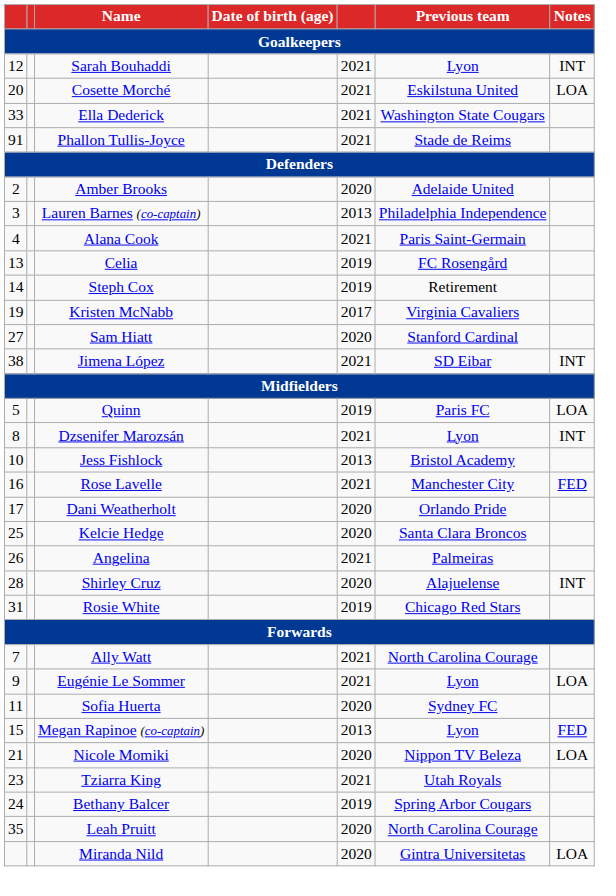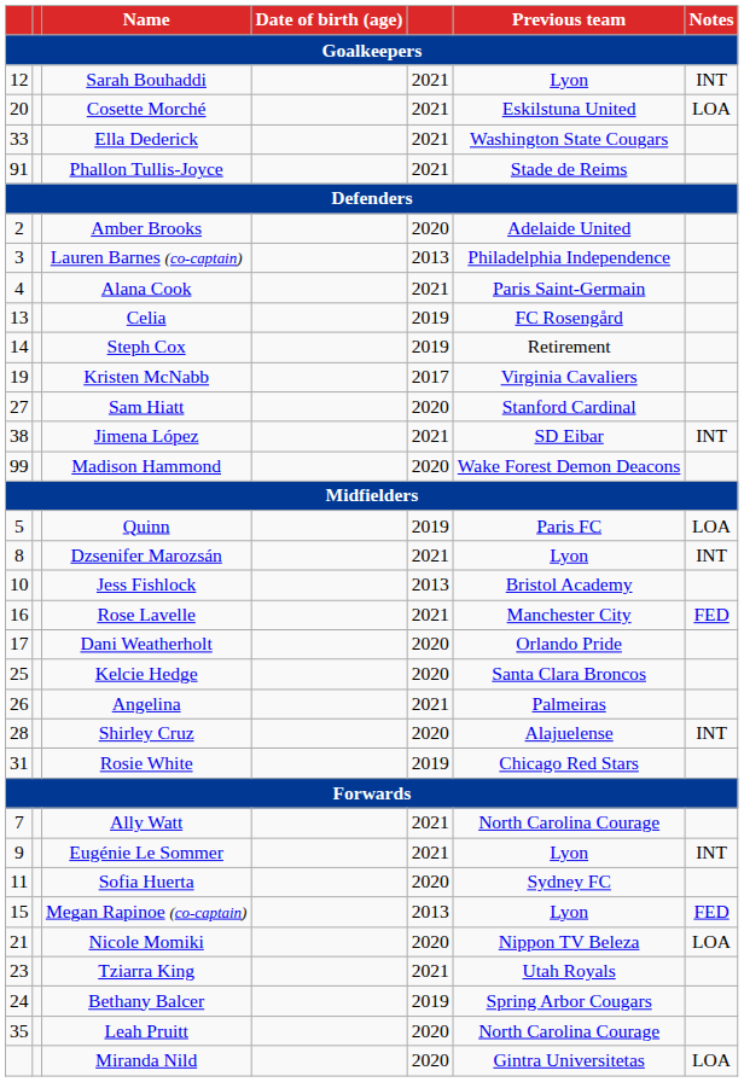 <table class="wikitable" style="text-align:center;">
 <tr>
 <th style="background:#DC2828; color:white;"></th>
 <th style="background:#DC2828; color:white;"></th>
 <th style="background:#DC2828; color:white;">Name</th>
 <th style="background:#DC2828; color:white;">Date of birth (age)</th>
 <th style="background:#DC2828; color:white;"></th>
 <th style="background:#DC2828; color:white;">Previous team</th>
 <th style="background:#DC2828; color:white;">Notes</th>
 </tr>
 <tr>
 <th colspan="7" style="background:#003893; color:white; ">Goalkeepers</th>
 </tr>
 <tr>
 <td>12</td>
 <td></td>
 <td><a href='#'>Sarah Bouhaddi</a></td>
 <td></td>
 <td>2021</td>
 <td> <a href='#'>Lyon</a></td>
 <td>INT</td>
 </tr>
 <tr>
 <td>20</td>
 <td></td>
 <td><a href='#'>Cosette Morché</a></td>
 <td></td>
 <td>2021</td>
 <td> <a href='#'>Eskilstuna United</a></td>
 <td>LOA</td>
 </tr>
 <tr>
 <td>33</td>
 <td></td>
 <td><a href='#'>Ella Dederick</a></td>
 <td></td>
 <td>2021</td>
 <td> <a href='#'>Washington State Cougars</a></td>
 <td></td>
 </tr>
 <tr>
 <td>91</td>
 <td></td>
 <td><a href='#'>Phallon Tullis-Joyce</a></td>
 <td></td>
 <td>2021</td>
 <td> <a href='#'>Stade de Reims</a></td>
 <td></td>
 </tr>
 <tr>
 <th colspan="7" style="background:#003893; color:white; ">Defenders</th>
 </tr>
 <tr>
 <td>2</td>
 <td></td>
 <td><a href='#'>Amber Brooks</a></td>
 <td></td>
 <td>2020</td>
 <td> <a href='#'>Adelaide United</a></td>
 <td></td>
 </tr>
 <tr>
 <td>3</td>
 <td></td>
 <td><a href='#'>Lauren Barnes</a> <em><small>(<a href='#'>co-captain</a>)</small></em></td>
 <td></td>
 <td>2013</td>
 <td> <a href='#'>Philadelphia Independence</a></td>
 <td></td>
 </tr>
 <tr>
 <td>4</td>
 <td></td>
 <td><a href='#'>Alana Cook</a></td>
 <td></td>
 <td>2021</td>
 <td> <a href='#'>Paris Saint-Germain</a></td>
 <td></td>
 </tr>
 <tr>
 <td>13</td>
 <td></td>
 <td><a href='#'>Celia</a></td>
 <td></td>
 <td>2019</td>
 <td> <a href='#'>FC Rosengård</a></td>
 <td></td>
 </tr>
 <tr>
 <td>14</td>
 <td></td>
 <td><a href='#'>Steph Cox</a></td>
 <td></td>
 <td>2019</td>
 <td>Retirement</td>
 <td></td>
 </tr>
 <tr>
 <td>19</td>
 <td></td>
 <td><a href='#'>Kristen McNabb</a></td>
 <td></td>
 <td>2017</td>
 <td> <a href='#'>Virginia Cavaliers</a></td>
 <td></td>
 </tr>
 <tr>
 <td>27</td>
 <td></td>
 <td><a href='#'>Sam Hiatt</a></td>
 <td></td>
 <td>2020</td>
 <td> <a href='#'>Stanford Cardinal</a></td>
 <td></td>
 </tr>
 <tr>
 <td>38</td>
 <td></td>
 <td><a href='#'>Jimena López</a></td>
 <td></td>
 <td>2021</td>
 <td> <a href='#'>SD Eibar</a></td>
 <td>INT</td>
 </tr>
 <tr>
+<td>99</td>
+<td></td>
+<td><a href='#'>Madison Hammond</a></td>
+<td></td>
+<td>2020</td>
+<td> <a href='#'>Wake Forest Demon Deacons</a></td>
+<td></td>
+</tr>
+<tr>
 <th colspan="7" style="background:#003893; color:white; ">Midfielders</th>
 </tr>
 <tr>
 <td>5</td>
 <td></td>
 <td><a href='#'>Quinn</a></td>
 <td></td>
 <td>2019</td>
 <td> <a href='#'>Paris FC</a></td>
 <td>LOA</td>
 </tr>
 <tr>
 <td>8</td>
 <td></td>
 <td><a href='#'>Dzsenifer Marozsán</a></td>
 <td></td>
 <td>2021</td>
 <td> <a href='#'>Lyon</a></td>
 <td>INT</td>
 </tr>
 <tr>
 <td>10</td>
 <td></td>
 <td><a href='#'>Jess Fishlock</a></td>
 <td></td>
 <td>2013</td>
 <td> <a href='#'>Bristol Academy</a></td>
 <td></td>
 </tr>
 <tr>
 <td>16</td>
 <td></td>
 <td><a href='#'>Rose Lavelle</a></td>
 <td></td>
 <td>2021</td>
 <td> <a href='#'>Manchester City</a></td>
 <td><a href='#'>FED</a></td>
 </tr>
 <tr>
 <td>17</td>
 <td></td>
 <td><a href='#'>Dani Weatherholt</a></td>
 <td></td>
 <td>2020</td>
 <td> <a href='#'>Orlando Pride</a></td>
 <td></td>
 </tr>
 <tr>
 <td>25</td>
 <td></td>
 <td><a href='#'>Kelcie Hedge</a></td>
 <td></td>
 <td>2020</td>
 <td> <a href='#'>Santa Clara Broncos</a></td>
 <td></td>
 </tr>
 <tr>
 <td>26</td>
 <td></td>
 <td><a href='#'>Angelina</a></td>
 <td></td>
 <td>2021</td>
 <td> <a href='#'>Palmeiras</a></td>
 <td></td>
 </tr>
 <tr>
 <td>28</td>
 <td></td>
 <td><a href='#'>Shirley Cruz</a></td>
 <td></td>
 <td>2020</td>
 <td> <a href='#'>Alajuelense</a></td>
 <td>INT</td>
 </tr>
 <tr>
 <td>31</td>
 <td></td>
 <td><a href='#'>Rosie White</a></td>
 <td></td>
 <td>2019</td>
 <td> <a href='#'>Chicago Red Stars</a></td>
 <td></td>
 </tr>
 <tr>
 <th colspan="7" style="background:#003893; color:white; ">Forwards</th>
 </tr>
 <tr>
 <td>7</td>
 <td></td>
 <td><a href='#'>Ally Watt</a></td>
 <td></td>
 <td>2021</td>
 <td> <a href='#'>North Carolina Courage</a></td>
 <td></td>
 </tr>
 <tr>
 <td>9</td>
 <td></td>
 <td><a href='#'>Eugénie Le Sommer</a></td>
 <td></td>
 <td>2021</td>
 <td> <a href='#'>Lyon</a></td>
-<td>LOA</td>
+<td>INT</td>
 </tr>
 <tr>
 <td>11</td>
 <td></td>
 <td><a href='#'>Sofia Huerta</a></td>
 <td></td>
 <td>2020</td>
 <td> <a href='#'>Sydney FC</a></td>
 <td></td>
 </tr>
 <tr>
 <td>15</td>
 <td></td>
 <td><a href='#'>Megan Rapinoe</a> <em><small>(<a href='#'>co-captain</a>)</small></em></td>
 <td></td>
 <td>2013</td>
 <td> <a href='#'>Lyon</a></td>
 <td><a href='#'>FED</a></td>
 </tr>
 <tr>
 <td>21</td>
 <td></td>
 <td><a href='#'>Nicole Momiki</a></td>
 <td></td>
 <td>2020</td>
 <td> <a href='#'>Nippon TV Beleza</a></td>
 <td>LOA</td>
 </tr>
 <tr>
 <td>23</td>
 <td></td>
 <td><a href='#'>Tziarra King</a></td>
 <td></td>
 <td>2021</td>
 <td> <a href='#'>Utah Royals</a></td>
 <td></td>
 </tr>
 <tr>
 <td>24</td>
 <td></td>
 <td><a href='#'>Bethany Balcer</a></td>
 <td></td>
 <td>2019</td>
 <td> <a href='#'>Spring Arbor Cougars</a></td>
 <td></td>
 </tr>
 <tr>
 <td>35</td>
 <td></td>
 <td><a href='#'>Leah Pruitt</a></td>
 <td></td>
 <td>2020</td>
 <td> <a href='#'>North Carolina Courage</a></td>
 <td></td>
 </tr>
 <tr>
 <td></td>
 <td></td>
 <td><a href='#'>Miranda Nild</a></td>
 <td></td>
 <td>2020</td>
 <td> <a href='#'>Gintra Universitetas</a></td>
 <td>LOA</td>
 </tr>
 </table>
